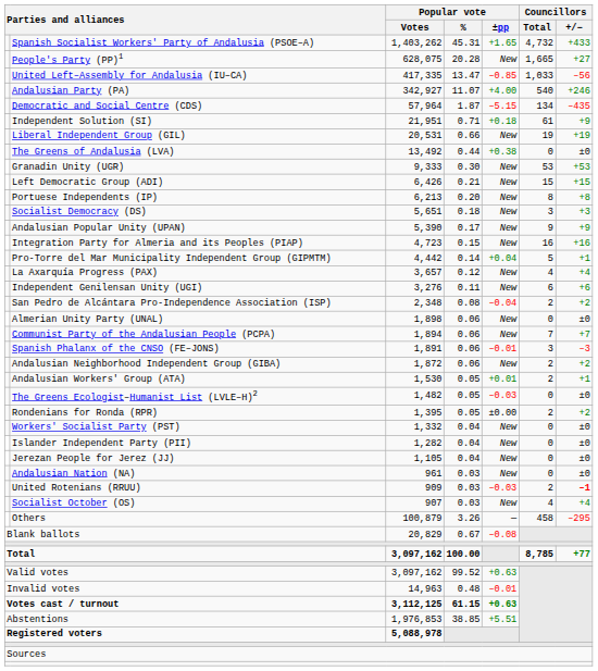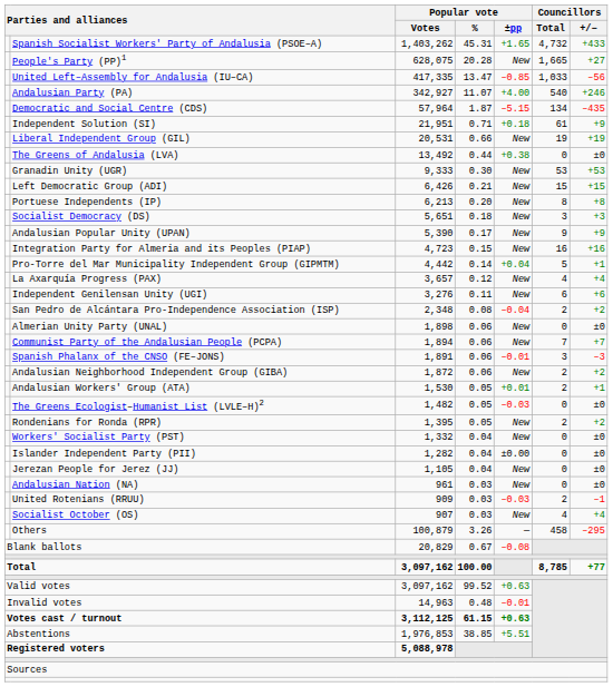 <table class="wikitable" style="text-align:right;">
 <tr>
 <th style="text-align:left;" rowspan="2" colspan="2" width="525">Parties and alliances</th>
 <th colspan="3">Popular vote</th>
 <th colspan="2">Councillors</th>
 </tr>
 <tr>
 <th width="75">Votes</th>
 <th width="45">%</th>
 <th width="45">±<a href='#'>pp</a></th>
 <th width="45">Total</th>
 <th width="45">+/−</th>
 </tr>
 <tr>
 <td width="1" style="color:inherit;background:"></td>
 <td align="left"><a href='#'>Spanish Socialist Workers' Party of Andalusia</a> (PSOE–A)</td>
 <td>1,403,262</td>
 <td>45.31</td>
 <td style="color:green;">+1.65</td>
 <td>4,732</td>
 <td style="color:green;">+433</td>
 </tr>
 <tr>
 <td style="color:inherit;background:"></td>
 <td align="left"><a href='#'>People's Party</a> (PP)<sup>1</sup></td>
 <td>628,075</td>
 <td>20.28</td>
 <td><em>New</em></td>
 <td>1,665</td>
 <td style="color:green;">+27</td>
 </tr>
 <tr>
 <td style="color:inherit;background:"></td>
 <td align="left"><a href='#'>United Left–Assembly for Andalusia</a> (IU–CA)</td>
 <td>417,335</td>
 <td>13.47</td>
 <td style="color:red;">–0.85</td>
 <td>1,033</td>
 <td style="color:red;">–56</td>
 </tr>
 <tr>
 <td style="color:inherit;background:"></td>
 <td align="left"><a href='#'>Andalusian Party</a> (PA)</td>
 <td>342,927</td>
 <td>11.07</td>
 <td style="color:green;">+4.00</td>
 <td>540</td>
 <td style="color:green;">+246</td>
 </tr>
 <tr>
 <td style="color:inherit;background:"></td>
 <td align="left"><a href='#'>Democratic and Social Centre</a> (CDS)</td>
 <td>57,964</td>
 <td>1.87</td>
 <td style="color:red;">–5.15</td>
 <td>134</td>
 <td style="color:red;">–435</td>
 </tr>
 <tr>
 <td style="color:inherit;background:"></td>
 <td align="left">Independent Solution (SI)</td>
 <td>21,951</td>
 <td>0.71</td>
 <td style="color:green;">+0.18</td>
 <td>61</td>
 <td style="color:green;">+9</td>
 </tr>
 <tr>
 <td style="color:inherit;background:"></td>
 <td align="left"><a href='#'>Liberal Independent Group</a> (GIL)</td>
 <td>20,531</td>
 <td>0.66</td>
 <td><em>New</em></td>
 <td>19</td>
 <td style="color:green;">+19</td>
 </tr>
 <tr>
 <td style="color:inherit;background:"></td>
 <td align="left"><a href='#'>The Greens of Andalusia</a> (LVA)</td>
 <td>13,492</td>
 <td>0.44</td>
 <td style="color:green;">+0.38</td>
 <td>0</td>
 <td>±0</td>
 </tr>
 <tr>
 <td bgcolor="white"></td>
 <td align="left">Granadin Unity (UGR)</td>
 <td>9,333</td>
 <td>0.30</td>
 <td><em>New</em></td>
 <td>53</td>
 <td style="color:green;">+53</td>
 </tr>
 <tr>
 <td bgcolor="white"></td>
 <td align="left">Left Democratic Group (ADI)</td>
 <td>6,426</td>
 <td>0.21</td>
 <td><em>New</em></td>
 <td>15</td>
 <td style="color:green;">+15</td>
 </tr>
 <tr>
 <td style="color:inherit;background:"></td>
 <td align="left">Portuese Independents (IP)</td>
 <td>6,213</td>
 <td>0.20</td>
 <td><em>New</em></td>
 <td>8</td>
 <td style="color:green;">+8</td>
 </tr>
 <tr>
 <td style="color:inherit;background:"></td>
 <td align="left"><a href='#'>Socialist Democracy</a> (DS)</td>
 <td>5,651</td>
 <td>0.18</td>
 <td><em>New</em></td>
 <td>3</td>
 <td style="color:green;">+3</td>
 </tr>
 <tr>
 <td style="color:inherit;background:"></td>
 <td align="left">Andalusian Popular Unity (UPAN)</td>
 <td>5,390</td>
 <td>0.17</td>
 <td><em>New</em></td>
 <td>9</td>
 <td style="color:green;">+9</td>
 </tr>
 <tr>
 <td bgcolor="white"></td>
 <td align="left">Integration Party for Almeria and its Peoples (PIAP)</td>
 <td>4,723</td>
 <td>0.15</td>
 <td><em>New</em></td>
 <td>16</td>
 <td style="color:green;">+16</td>
 </tr>
 <tr>
 <td style="color:inherit;background:"></td>
 <td align="left">Pro-Torre del Mar Municipality Independent Group (GIPMTM)</td>
 <td>4,442</td>
 <td>0.14</td>
 <td style="color:green;">+0.04</td>
 <td>5</td>
 <td style="color:green;">+1</td>
 </tr>
 <tr>
 <td style="color:inherit;background:"></td>
 <td align="left">La Axarquía Progress (PAX)</td>
 <td>3,657</td>
 <td>0.12</td>
 <td><em>New</em></td>
 <td>4</td>
 <td style="color:green;">+4</td>
 </tr>
 <tr>
 <td style="color:inherit;background:"></td>
 <td align="left">Independent Genilensan Unity (UGI)</td>
 <td>3,276</td>
 <td>0.11</td>
 <td><em>New</em></td>
 <td>6</td>
 <td style="color:green;">+6</td>
 </tr>
 <tr>
 <td style="color:inherit;background:"></td>
 <td align="left">San Pedro de Alcántara Pro-Independence Association (ISP)</td>
 <td>2,348</td>
 <td>0.08</td>
 <td style="color:red;">–0.04</td>
 <td>2</td>
 <td style="color:green;">+2</td>
 </tr>
 <tr>
 <td bgcolor="white"></td>
 <td align="left">Almerian Unity Party (UNAL)</td>
 <td>1,898</td>
 <td>0.06</td>
 <td><em>New</em></td>
 <td>0</td>
 <td>±0</td>
 </tr>
 <tr>
 <td style="color:inherit;background:"></td>
 <td align="left"><a href='#'>Communist Party of the Andalusian People</a> (PCPA)</td>
 <td>1,894</td>
 <td>0.06</td>
 <td><em>New</em></td>
 <td>7</td>
 <td style="color:green;">+7</td>
 </tr>
 <tr>
 <td style="color:inherit;background:"></td>
 <td align="left"><a href='#'>Spanish Phalanx of the CNSO</a> (FE–JONS)</td>
 <td>1,891</td>
 <td>0.06</td>
 <td style="color:red;">–0.01</td>
 <td>3</td>
 <td style="color:red;">–3</td>
 </tr>
 <tr>
 <td style="color:inherit;background:"></td>
 <td align="left">Andalusian Neighborhood Independent Group (GIBA)</td>
 <td>1,872</td>
 <td>0.06</td>
 <td><em>New</em></td>
 <td>2</td>
 <td style="color:green;">+2</td>
 </tr>
 <tr>
 <td style="color:inherit;background:"></td>
 <td align="left">Andalusian Workers' Group (ATA)</td>
 <td>1,530</td>
 <td>0.05</td>
 <td style="color:green;">+0.01</td>
 <td>2</td>
 <td style="color:green;">+1</td>
 </tr>
 <tr>
 <td style="color:inherit;background:"></td>
 <td align="left"><a href='#'>The Greens Ecologist</a>–<a href='#'>Humanist List</a> (LVLE–H)<sup>2</sup></td>
 <td>1,482</td>
 <td>0.05</td>
 <td style="color:red;">–0.03</td>
 <td>0</td>
 <td>±0</td>
 </tr>
 <tr>
 <td style="color:inherit;background:"></td>
 <td align="left">Rondenians for Ronda (RPR)</td>
 <td>1,395</td>
 <td>0.05</td>
-<td>±0.00</td>
+<td><em>New</em></td>
 <td>2</td>
 <td style="color:green;">+2</td>
 </tr>
 <tr>
 <td style="color:inherit;background:"></td>
 <td align="left"><a href='#'>Workers' Socialist Party</a> (PST)</td>
 <td>1,332</td>
 <td>0.04</td>
 <td><em>New</em></td>
 <td>0</td>
 <td>±0</td>
 </tr>
 <tr>
 <td bgcolor="white"></td>
 <td align="left">Islander Independent Party (PII)</td>
 <td>1,282</td>
 <td>0.04</td>
-<td><em>New</em></td>
+<td>±0.00</td>
 <td>0</td>
 <td>±0</td>
 </tr>
 <tr>
 <td bgcolor="white"></td>
 <td align="left">Jerezan People for Jerez (JJ)</td>
 <td>1,105</td>
 <td>0.04</td>
 <td><em>New</em></td>
 <td>0</td>
 <td>±0</td>
 </tr>
 <tr>
 <td style="color:inherit;background:"></td>
 <td align="left"><a href='#'>Andalusian Nation</a> (NA)</td>
 <td>961</td>
 <td>0.03</td>
 <td><em>New</em></td>
 <td>0</td>
 <td>±0</td>
 </tr>
 <tr>
 <td style="color:inherit;background:"></td>
 <td align="left">United Rotenians (RRUU)</td>
 <td>909</td>
 <td>0.03</td>
 <td style="color:red;">–0.03</td>
 <td>2</td>
-<td style="color:red;"><strong>–1</strong></td>
+<td style="color:red;">–1</td>
 </tr>
 <tr>
 <td style="color:inherit;background:"></td>
 <td align="left"><a href='#'>Socialist October</a> (OS)</td>
 <td>907</td>
 <td>0.03</td>
 <td><em>New</em></td>
 <td>4</td>
 <td style="color:green;">+4</td>
 </tr>
 <tr>
 <td bgcolor="white"></td>
 <td align="left">Others</td>
 <td>100,879</td>
 <td>3.26</td>
 <td>—</td>
 <td>458</td>
 <td style="color:red;">–295</td>
 </tr>
 <tr>
 <td align="left" colspan="2">Blank ballots</td>
 <td>20,829</td>
 <td>0.67</td>
 <td style="color:red;">–0.08</td>
 <td bgcolor="#E9E9E9" colspan="2"></td>
 </tr>
 <tr>
 <td colspan="7" bgcolor="#E9E9E9"></td>
 </tr>
 <tr style="font-weight:bold;">
 <td align="left" colspan="2">Total</td>
 <td>3,097,162</td>
 <td>100.00</td>
 <td bgcolor="#E9E9E9"></td>
 <td>8,785</td>
 <td style="color:green;">+77</td>
 </tr>
 <tr>
 <td colspan="7" bgcolor="#E9E9E9"></td>
 </tr>
 <tr>
 <td align="left" colspan="2">Valid votes</td>
 <td>3,097,162</td>
 <td>99.52</td>
 <td style="color:green;">+0.63</td>
 <td bgcolor="#E9E9E9" colspan="2" rowspan="5"></td>
 </tr>
 <tr>
 <td align="left" colspan="2">Invalid votes</td>
 <td>14,963</td>
 <td>0.48</td>
 <td style="color:red;">–0.01</td>
 </tr>
 <tr style="font-weight:bold;">
 <td align="left" colspan="2">Votes cast / turnout</td>
 <td>3,112,125</td>
 <td>61.15</td>
 <td style="color:green;">+0.63</td>
 </tr>
 <tr>
 <td align="left" colspan="2">Abstentions</td>
 <td>1,976,853</td>
 <td>38.85</td>
 <td style="color:green;">+5.51</td>
 </tr>
 <tr style="font-weight:bold;">
 <td align="left" colspan="2">Registered voters</td>
 <td>5,088,978</td>
 <td bgcolor="#E9E9E9" colspan="2"></td>
 </tr>
 <tr>
 <td colspan="7" bgcolor="#E9E9E9"></td>
 </tr>
 <tr>
 <td align="left" colspan="7">Sources</td>
 </tr>
 <tr>
 <td colspan="7" style="text-align:left; max-width:790px;"></td>
 </tr>
 </table>
